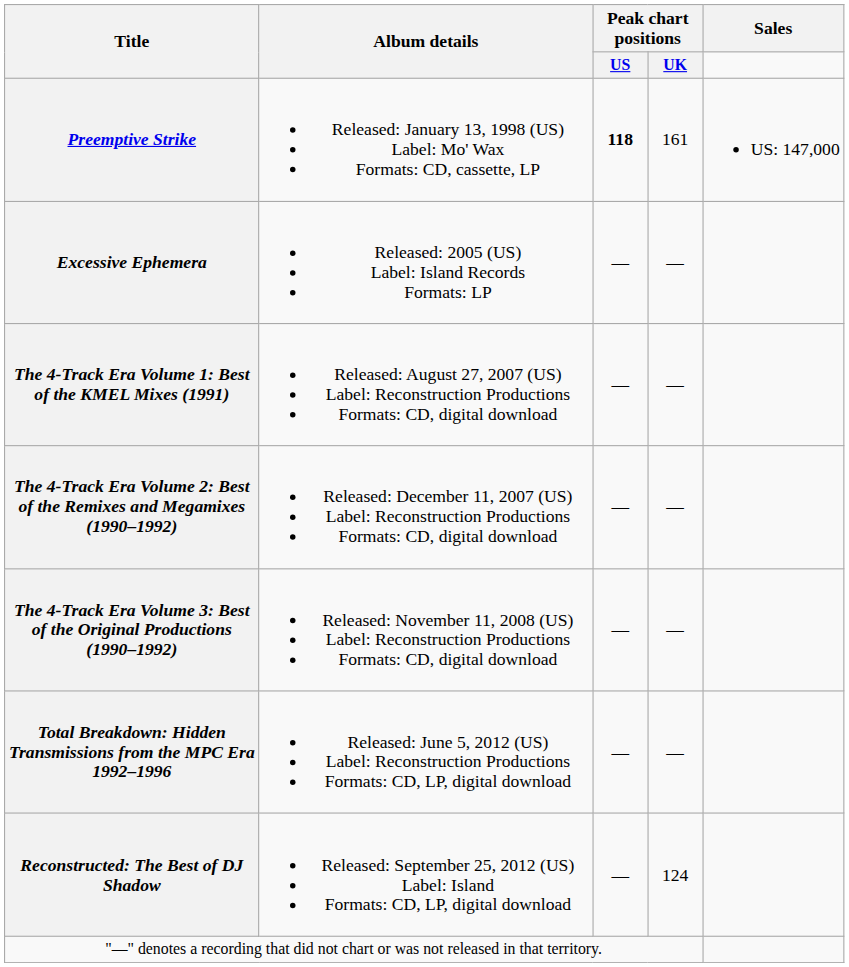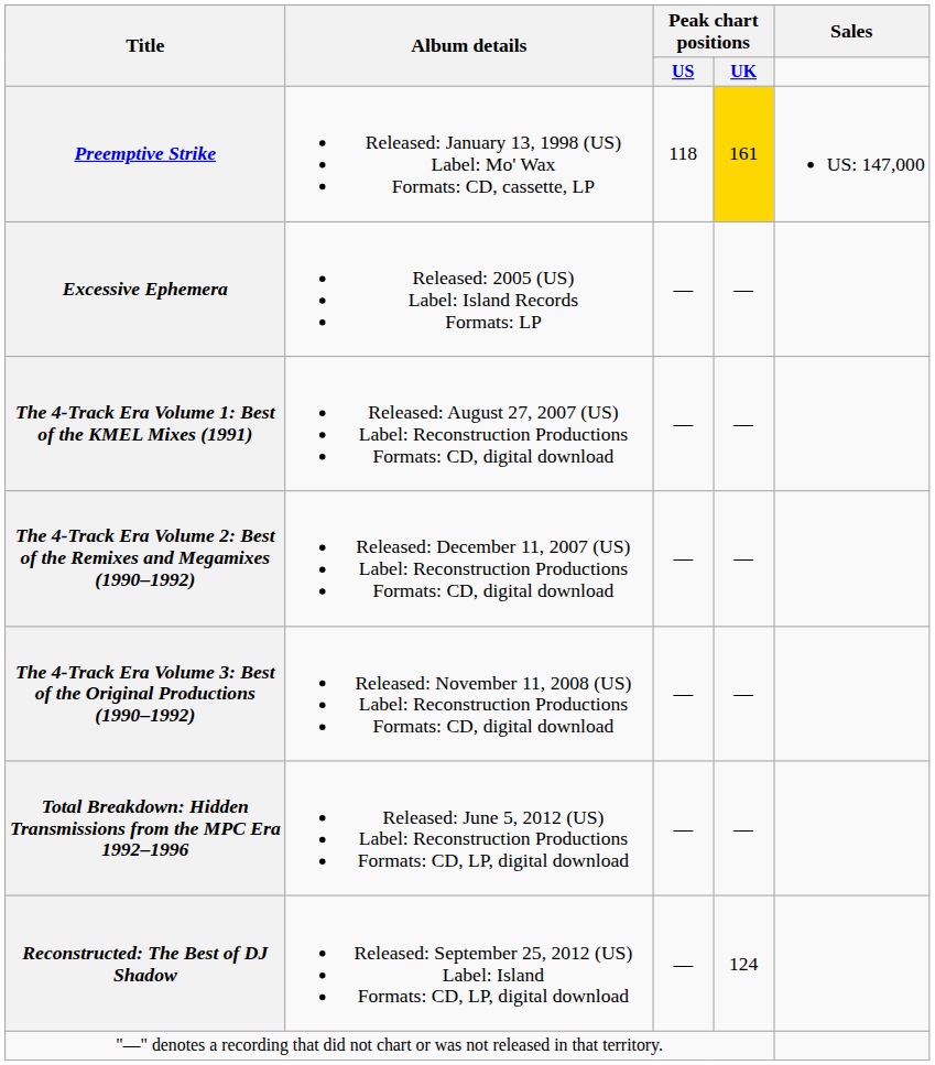 <table class="wikitable plainrowheaders" style="text-align:center;">
 <tr>
 <th scope="col" rowspan="2" style="width:14em;">Title</th>
 <th scope="col" rowspan="2" style="width:18.5em;">Album details</th>
 <th scope="col" colspan="2">Peak chart positions</th>
 <th scope="col" colspan="2">Sales</th>
 </tr>
 <tr>
 <th scope="col" style="width:3em;font-size:90%;"><a href='#'>US</a><br></th>
 <th scope="col" style="width:3em;font-size:90%;"><a href='#'>UK</a><br></th>
 <td></td>
 </tr>
 <tr>
 <th scope="row"><em><a href='#'>Preemptive Strike</a></em></th>
 <td><br><ul><li>Released: January 13, 1998 <span>(US)</span></li><li>Label: Mo' Wax</li><li>Formats: CD, cassette, LP</li></ul></td>
-<td><strong>118</strong></td>
-<td>161</td>
+<td>118</td>
+<td style="background: gold;">161</td>
 <td><br><ul><li>US: 147,000</li></ul></td>
 </tr>
 <tr>
 <th scope="row"><em>Excessive Ephemera</em></th>
 <td><br><ul><li>Released: 2005 <span>(US)</span></li><li>Label: Island Records</li><li>Formats: LP</li></ul></td>
 <td>—</td>
 <td>—</td>
 <td></td>
 </tr>
 <tr>
 <th scope="row"><em>The 4-Track Era Volume 1: Best of the KMEL Mixes (1991)</em></th>
 <td><br><ul><li>Released: August 27, 2007 <span>(US)</span></li><li>Label: Reconstruction Productions</li><li>Formats: CD, digital download</li></ul></td>
 <td>—</td>
 <td>—</td>
 <td></td>
 </tr>
 <tr>
 <th scope="row"><em>The 4-Track Era Volume 2: Best of the Remixes and Megamixes (1990–1992)</em></th>
 <td><br><ul><li>Released: December 11, 2007 <span>(US)</span></li><li>Label: Reconstruction Productions</li><li>Formats: CD, digital download</li></ul></td>
 <td>—</td>
 <td>—</td>
 <td></td>
 </tr>
 <tr>
 <th scope="row"><em>The 4-Track Era Volume 3: Best of the Original Productions (1990–1992)</em></th>
 <td><br><ul><li>Released: November 11, 2008 <span>(US)</span></li><li>Label: Reconstruction Productions</li><li>Formats: CD, digital download</li></ul></td>
 <td>—</td>
 <td>—</td>
 <td></td>
 </tr>
 <tr>
 <th scope="row"><em>Total Breakdown: Hidden Transmissions from the MPC Era 1992–1996</em></th>
 <td><br><ul><li>Released: June 5, 2012 <span>(US)</span></li><li>Label: Reconstruction Productions</li><li>Formats: CD, LP, digital download</li></ul></td>
 <td>—</td>
 <td>—</td>
 <td></td>
 </tr>
 <tr>
 <th scope="row"><em>Reconstructed: The Best of DJ Shadow</em></th>
 <td><br><ul><li>Released: September 25, 2012 <span>(US)</span></li><li>Label: Island</li><li>Formats: CD, LP, digital download</li></ul></td>
 <td>—</td>
 <td>124</td>
 <td></td>
 </tr>
 <tr>
 <td colspan="4" style="font-size:90%">"—" denotes a recording that did not chart or was not released in that territory.</td>
 <td></td>
 </tr>
 </table>
